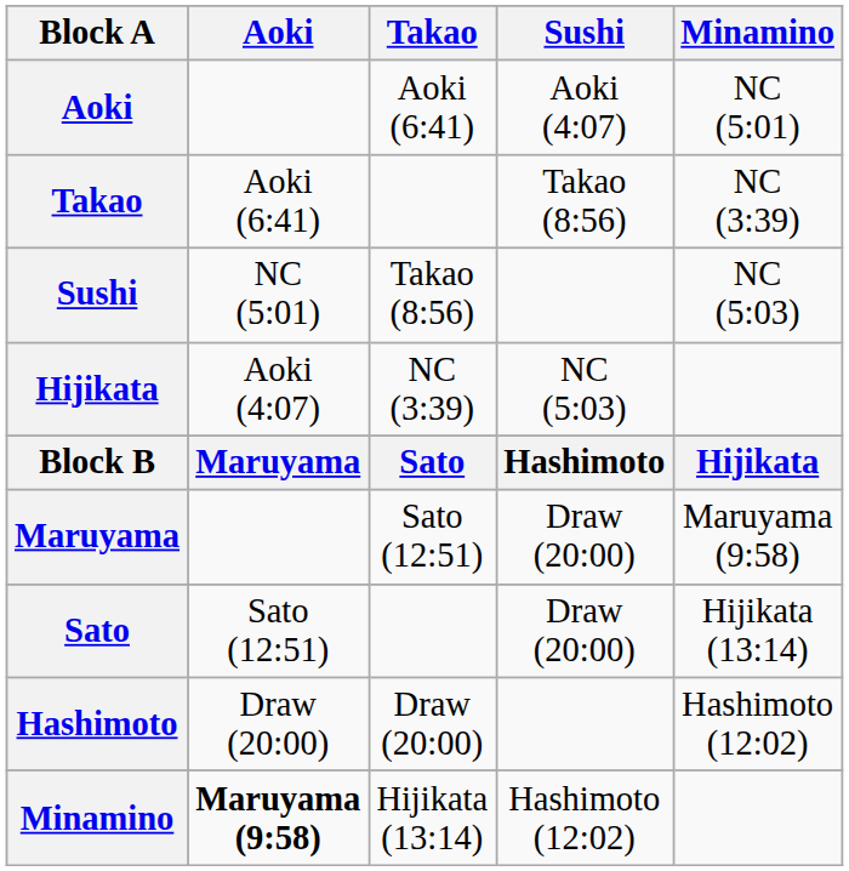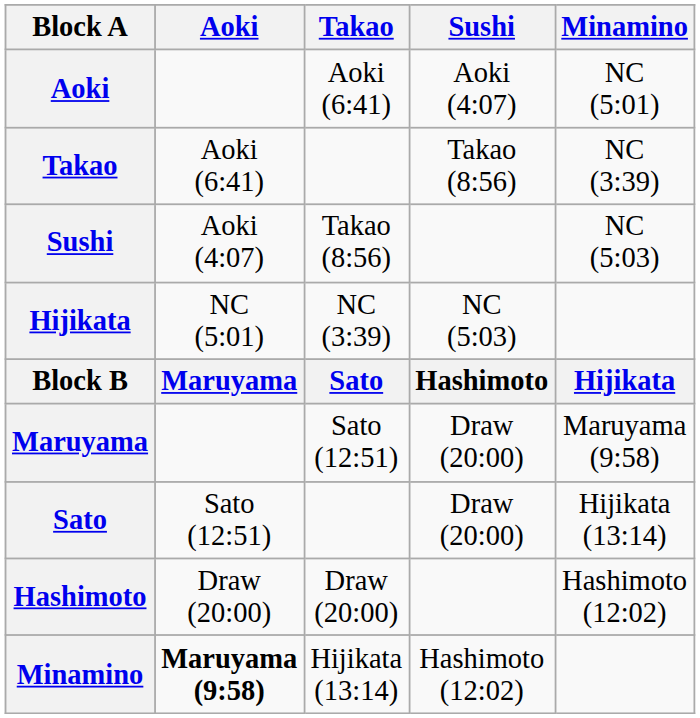 <table class="wikitable" style="margin: 1em auto 1em auto;text-align:center">
 <tr>
 <th>Block A</th>
 <th><a href='#'>Aoki</a></th>
 <th><a href='#'>Takao</a></th>
 <th><a href='#'>Sushi</a></th>
 <th><a href='#'>Minamino</a></th>
 </tr>
 <tr>
 <th><a href='#'>Aoki</a></th>
 <td></td>
 <td>Aoki<br>(6:41)</td>
 <td>Aoki<br>(4:07)</td>
 <td>NC<br>(5:01)</td>
 </tr>
 <tr>
 <th><a href='#'>Takao</a></th>
 <td>Aoki<br>(6:41)</td>
 <td></td>
 <td>Takao<br>(8:56)</td>
 <td>NC<br>(3:39)</td>
 </tr>
 <tr>
 <th><a href='#'>Sushi</a></th>
-<td>NC<br>(5:01)</td>
+<td>Aoki<br>(4:07)</td>
 <td>Takao<br>(8:56)</td>
 <td></td>
 <td>NC<br>(5:03)</td>
 </tr>
 <tr>
 <th><a href='#'>Hijikata</a></th>
-<td>Aoki<br>(4:07)</td>
+<td>NC<br>(5:01)</td>
 <td>NC<br>(3:39)</td>
 <td>NC<br>(5:03)</td>
 <td></td>
 </tr>
 <tr>
 <th>Block B</th>
 <th><a href='#'>Maruyama</a></th>
 <th><a href='#'>Sato</a></th>
 <th>Hashimoto</th>
 <th><a href='#'>Hijikata</a></th>
 </tr>
 <tr>
 <th><a href='#'>Maruyama</a></th>
 <td></td>
 <td>Sato<br>(12:51)</td>
 <td>Draw<br>(20:00)</td>
 <td>Maruyama<br>(9:58)</td>
 </tr>
 <tr>
 <th><a href='#'>Sato</a></th>
 <td>Sato<br>(12:51)</td>
 <td></td>
 <td>Draw<br>(20:00)</td>
 <td>Hijikata<br>(13:14)</td>
 </tr>
 <tr>
 <th><a href='#'>Hashimoto</a></th>
 <td>Draw<br>(20:00)</td>
 <td>Draw<br>(20:00)</td>
 <td></td>
 <td>Hashimoto<br>(12:02)</td>
 </tr>
 <tr>
 <th><a href='#'>Minamino</a></th>
 <td><strong>Maruyama<br>(9:58)</strong></td>
 <td>Hijikata<br>(13:14)</td>
 <td>Hashimoto<br>(12:02)</td>
 <td></td>
 </tr>
 </table>
